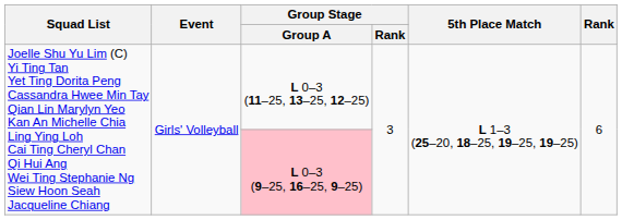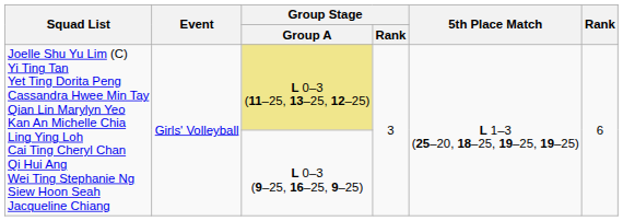 <table class=wikitable style="font-size:90%">
 <tr>
 <th rowspan=2>Squad List</th>
 <th rowspan=2>Event</th>
 <th colspan=2>Group Stage</th>
 <th rowspan=2>5th Place Match</th>
 <th rowspan=2>Rank</th>
 </tr>
 <tr>
 <th>Group A</th>
 <th>Rank</th>
 </tr>
 <tr>
 <td rowspan=2><a href='#'>Joelle Shu Yu Lim</a> (C)<br><a href='#'>Yi Ting Tan</a><br><a href='#'>Yet Ting Dorita Peng</a><br><a href='#'>Cassandra Hwee Min Tay</a><br><a href='#'>Qian Lin Marylyn Yeo</a><br><a href='#'>Kan An Michelle Chia</a><br><a href='#'>Ling Ying Loh</a><br><a href='#'>Cai Ting Cheryl Chan</a><br><a href='#'>Qi Hui Ang</a><br><a href='#'>Wei Ting Stephanie Ng</a><br><a href='#'>Siew Hoon Seah</a><br><a href='#'>Jacqueline Chiang</a></td>
 <td rowspan=2><a href='#'>Girls' Volleyball</a></td>
-<td align=center><br> <strong>L</strong> 0–3<br> (<strong>11</strong>–25, <strong>13</strong>–25, <strong>12</strong>–25)</td>
+<td align=center style="background: khaki;"><br> <strong>L</strong> 0–3<br> (<strong>11</strong>–25, <strong>13</strong>–25, <strong>12</strong>–25)</td>
 <td rowspan=2 align=center>3</td>
 <td rowspan=2 align=center><br> <strong>L</strong> 1–3<br> (<strong>25</strong>–20, <strong>18</strong>–25, <strong>19</strong>–25, <strong>19</strong>–25)</td>
 <td rowspan=2 align=center>6</td>
 </tr>
 <tr>
-<td align=center style="background: pink;"><br> <strong>L</strong> 0–3<br> (<strong>9</strong>–25, <strong>16</strong>–25, <strong>9</strong>–25)</td>
+<td align=center><br> <strong>L</strong> 0–3<br> (<strong>9</strong>–25, <strong>16</strong>–25, <strong>9</strong>–25)</td>
 </tr>
 </table>
